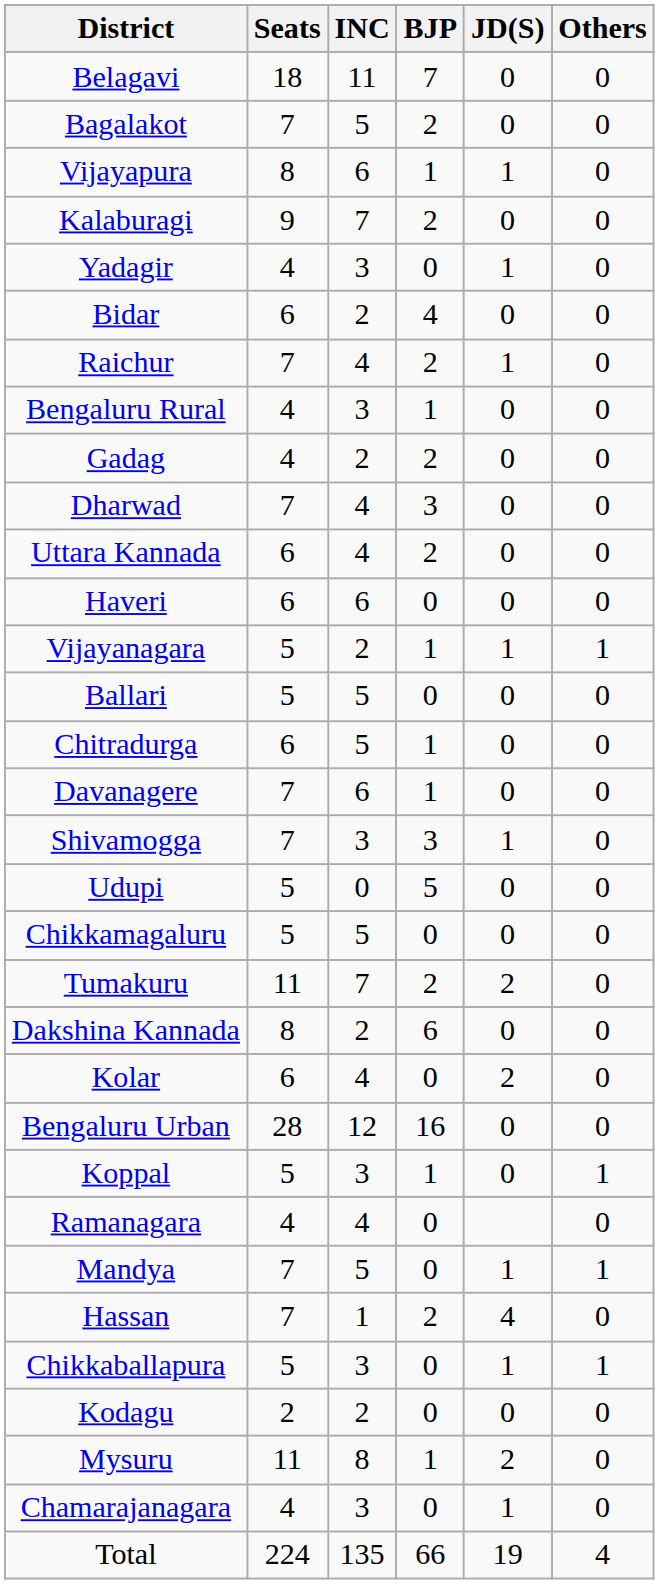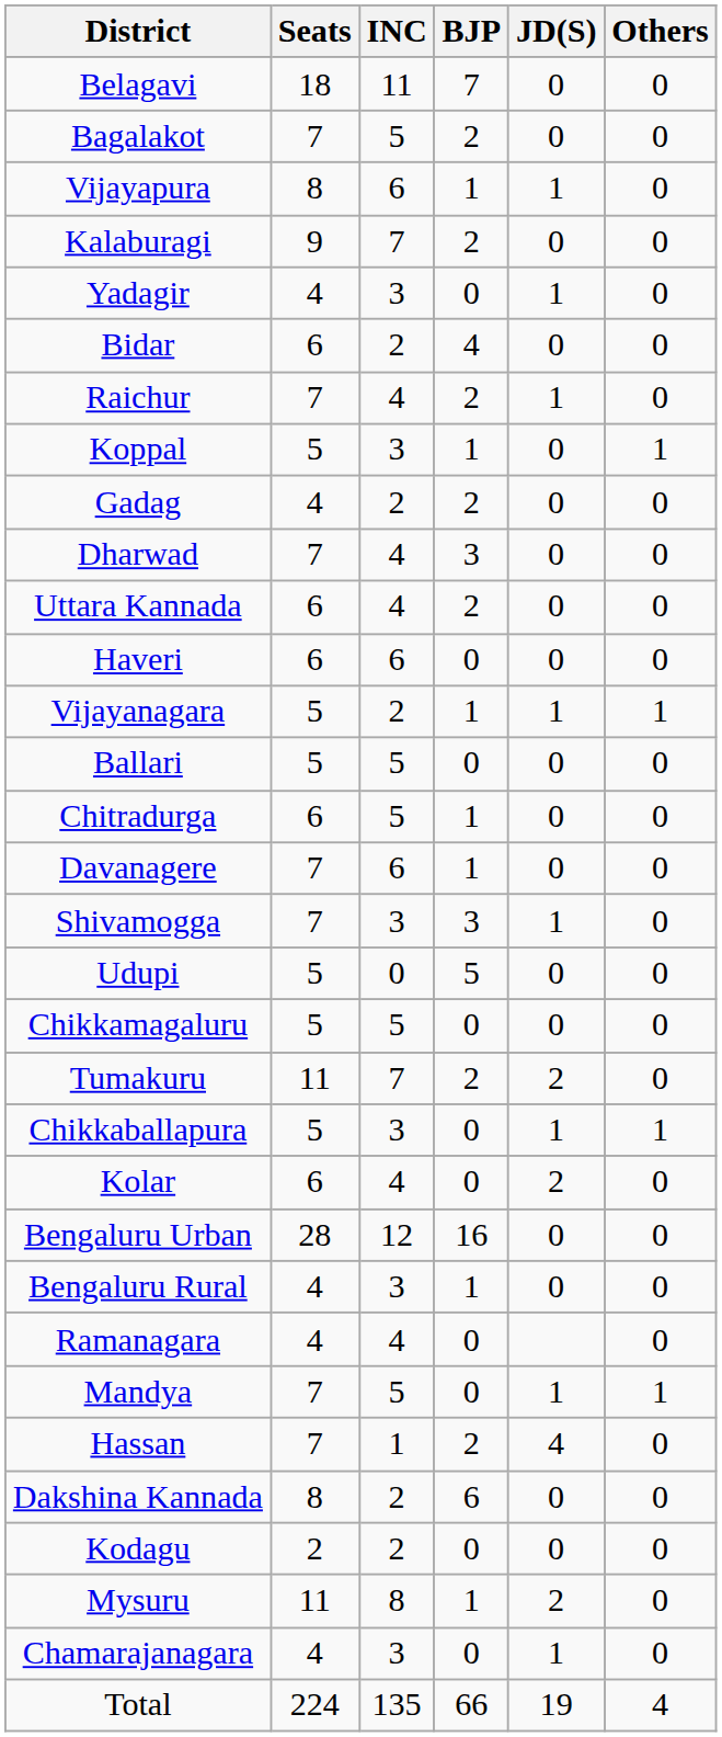 <table class="wikitable sortable" style="text-align:center;">
 <tr>
 <th>District</th>
 <th>Seats</th>
 <th><span><strong>INC</strong></span></th>
 <th style="background #FF9933;">BJP</th>
 <th><span><strong>JD(S)</strong></span></th>
 <th><span><strong>Others</strong></span></th>
 </tr>
 <tr>
 <td><a href='#'>Belagavi</a></td>
 <td>18</td>
 <td style="background:">11</td>
 <td>7</td>
 <td>0</td>
 <td>0</td>
 </tr>
 <tr>
 <td><a href='#'>Bagalakot</a></td>
 <td>7</td>
 <td style="background:">5</td>
 <td>2</td>
 <td>0</td>
 <td>0</td>
 </tr>
 <tr>
 <td><a href='#'>Vijayapura</a></td>
 <td>8</td>
 <td style="background:">6</td>
 <td>1</td>
 <td>1</td>
 <td>0</td>
 </tr>
 <tr>
 <td><a href='#'>Kalaburagi</a></td>
 <td>9</td>
 <td style="background:">7</td>
 <td>2</td>
 <td>0</td>
 <td>0</td>
 </tr>
 <tr>
 <td><a href='#'>Yadagir</a></td>
 <td>4</td>
 <td style="background:">3</td>
 <td>0</td>
 <td>1</td>
 <td>0</td>
 </tr>
 <tr>
 <td><a href='#'>Bidar</a></td>
 <td>6</td>
 <td>2</td>
 <td style="background:">4</td>
 <td>0</td>
 <td>0</td>
 </tr>
 <tr>
 <td><a href='#'>Raichur</a></td>
 <td>7</td>
 <td style="background:">4</td>
 <td>2</td>
 <td>1</td>
 <td>0</td>
 </tr>
 <tr>
-<td><a href='#'>Bengaluru Rural</a></td>
-<td>4</td>
+<td><a href='#'>Koppal</a></td>
+<td>5</td>
 <td style="background:">3</td>
 <td>1</td>
 <td>0</td>
-<td>0</td>
+<td>1</td>
 </tr>
 <tr>
 <td><a href='#'>Gadag</a></td>
 <td>4</td>
 <td>2</td>
 <td>2</td>
 <td>0</td>
 <td>0</td>
 </tr>
 <tr>
 <td><a href='#'>Dharwad</a></td>
 <td>7</td>
 <td style="background:">4</td>
 <td>3</td>
 <td>0</td>
 <td>0</td>
 </tr>
 <tr>
 <td><a href='#'>Uttara Kannada</a></td>
 <td>6</td>
 <td style="background:">4</td>
 <td>2</td>
 <td>0</td>
 <td>0</td>
 </tr>
 <tr>
 <td><a href='#'>Haveri</a></td>
 <td>6</td>
 <td style="background:">6</td>
 <td>0</td>
 <td>0</td>
 <td>0</td>
 </tr>
 <tr>
 <td><a href='#'>Vijayanagara</a></td>
 <td>5</td>
 <td style="background:">2</td>
 <td>1</td>
 <td>1</td>
 <td>1</td>
 </tr>
 <tr>
 <td><a href='#'>Ballari</a></td>
 <td>5</td>
 <td style="background:">5</td>
 <td>0</td>
 <td>0</td>
 <td>0</td>
 </tr>
 <tr>
 <td><a href='#'>Chitradurga</a></td>
 <td>6</td>
 <td style="background:">5</td>
 <td>1</td>
 <td>0</td>
 <td>0</td>
 </tr>
 <tr>
 <td><a href='#'>Davanagere</a></td>
 <td>7</td>
 <td style="background:">6</td>
 <td>1</td>
 <td>0</td>
 <td>0</td>
 </tr>
 <tr>
 <td><a href='#'>Shivamogga</a></td>
 <td>7</td>
 <td>3</td>
 <td>3</td>
 <td>1</td>
 <td>0</td>
 </tr>
 <tr>
 <td><a href='#'>Udupi</a></td>
 <td>5</td>
 <td>0</td>
 <td style="background:">5</td>
 <td>0</td>
 <td>0</td>
 </tr>
 <tr>
 <td><a href='#'>Chikkamagaluru</a></td>
 <td>5</td>
 <td style="background:">5</td>
 <td>0</td>
 <td>0</td>
 <td>0</td>
 </tr>
 <tr>
 <td><a href='#'>Tumakuru</a></td>
 <td>11</td>
 <td style="background:">7</td>
 <td>2</td>
 <td>2</td>
 <td>0</td>
 </tr>
 <tr>
-<td><a href='#'>Dakshina Kannada</a></td>
-<td>8</td>
-<td>2</td>
-<td style="background:">6</td>
+<td><a href='#'>Chikkaballapura</a></td>
+<td>5</td>
+<td style="background:">3</td>
 <td>0</td>
-<td>0</td>
+<td>1</td>
+<td>1</td>
 </tr>
 <tr>
 <td><a href='#'>Kolar</a></td>
 <td>6</td>
 <td style="background:">4</td>
 <td>0</td>
 <td>2</td>
 <td>0</td>
 </tr>
 <tr>
 <td><a href='#'>Bengaluru Urban</a></td>
 <td>28</td>
 <td>12</td>
 <td style="background:">16</td>
 <td>0</td>
 <td>0</td>
 </tr>
 <tr>
-<td><a href='#'>Koppal</a></td>
-<td>5</td>
+<td><a href='#'>Bengaluru Rural</a></td>
+<td>4</td>
 <td style="background:">3</td>
 <td>1</td>
 <td>0</td>
-<td>1</td>
+<td>0</td>
 </tr>
 <tr>
 <td><a href='#'>Ramanagara</a></td>
 <td>4</td>
 <td style="background:">4</td>
 <td>0</td>
 <td></td>
 <td>0</td>
 </tr>
 <tr>
 <td><a href='#'>Mandya</a></td>
 <td>7</td>
 <td style="background:">5</td>
 <td>0</td>
 <td>1</td>
 <td>1</td>
 </tr>
 <tr>
 <td><a href='#'>Hassan</a></td>
 <td>7</td>
 <td>1</td>
 <td>2</td>
 <td style="background:">4</td>
 <td>0</td>
 </tr>
 <tr>
-<td><a href='#'>Chikkaballapura</a></td>
-<td>5</td>
-<td style="background:">3</td>
+<td><a href='#'>Dakshina Kannada</a></td>
+<td>8</td>
+<td>2</td>
+<td style="background:">6</td>
 <td>0</td>
-<td>1</td>
-<td>1</td>
+<td>0</td>
 </tr>
 <tr>
 <td><a href='#'>Kodagu</a></td>
 <td>2</td>
 <td style="background:">2</td>
 <td>0</td>
 <td>0</td>
 <td>0</td>
 </tr>
 <tr>
 <td><a href='#'>Mysuru</a></td>
 <td>11</td>
 <td style="background:">8</td>
 <td>1</td>
 <td>2</td>
 <td>0</td>
 </tr>
 <tr>
 <td><a href='#'>Chamarajanagara</a></td>
 <td>4</td>
 <td style="background:">3</td>
 <td>0</td>
 <td>1</td>
 <td>0</td>
 </tr>
 <tr>
 <td>Total</td>
 <td>224</td>
 <td>135</td>
 <td>66</td>
 <td>19</td>
 <td>4</td>
 </tr>
 </table>
